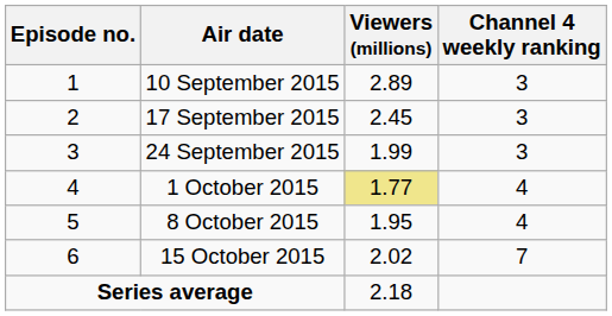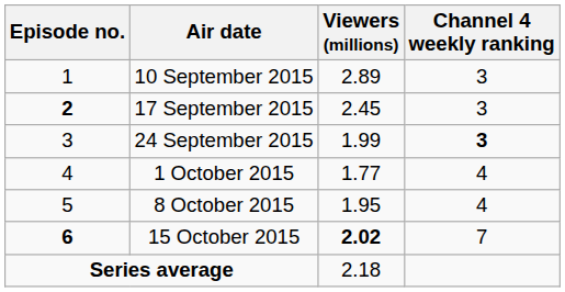 <table class="wikitable" style="text-align:center;">
 <tr>
 <th>Episode no.</th>
 <th>Air date</th>
 <th>Viewers<br><small>(millions)</small></th>
 <th>Channel 4<br>weekly ranking</th>
 </tr>
 <tr>
 <td>1</td>
 <td>10 September 2015</td>
 <td>2.89</td>
 <td>3</td>
 </tr>
 <tr>
-<td>2</td>
+<td><strong>2</strong></td>
 <td>17 September 2015</td>
 <td>2.45</td>
 <td>3</td>
 </tr>
 <tr>
 <td>3</td>
 <td>24 September 2015</td>
 <td>1.99</td>
-<td>3</td>
+<td><strong>3</strong></td>
 </tr>
 <tr>
 <td>4</td>
 <td>1 October 2015</td>
-<td style="background: khaki;">1.77</td>
+<td>1.77</td>
 <td>4</td>
 </tr>
 <tr>
 <td>5</td>
 <td>8 October 2015</td>
 <td>1.95</td>
 <td>4</td>
 </tr>
 <tr>
-<td>6</td>
+<td><strong>6</strong></td>
 <td>15 October 2015</td>
-<td>2.02</td>
+<td><strong>2.02</strong></td>
 <td>7</td>
 </tr>
 <tr>
 <td colspan=2><strong>Series average</strong></td>
 <td>2.18</td>
 <td></td>
 </tr>
 </table>
